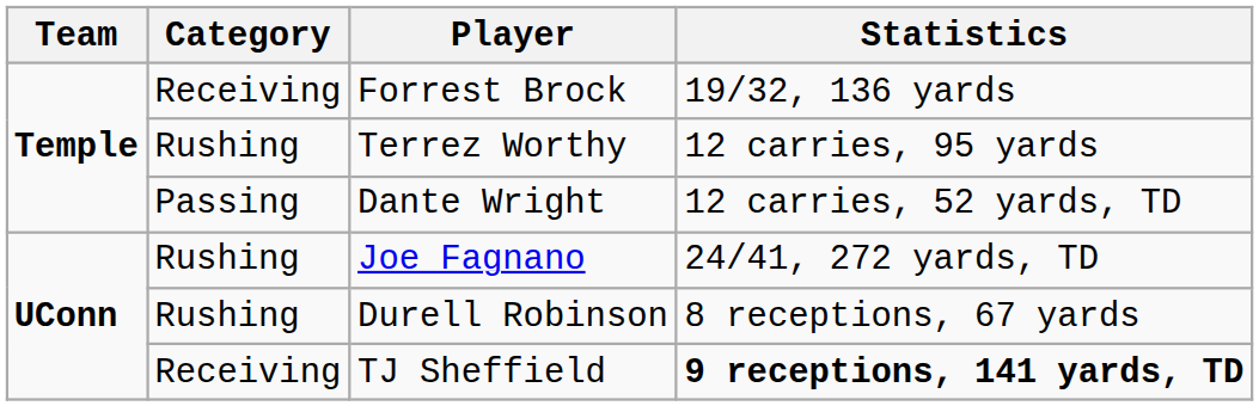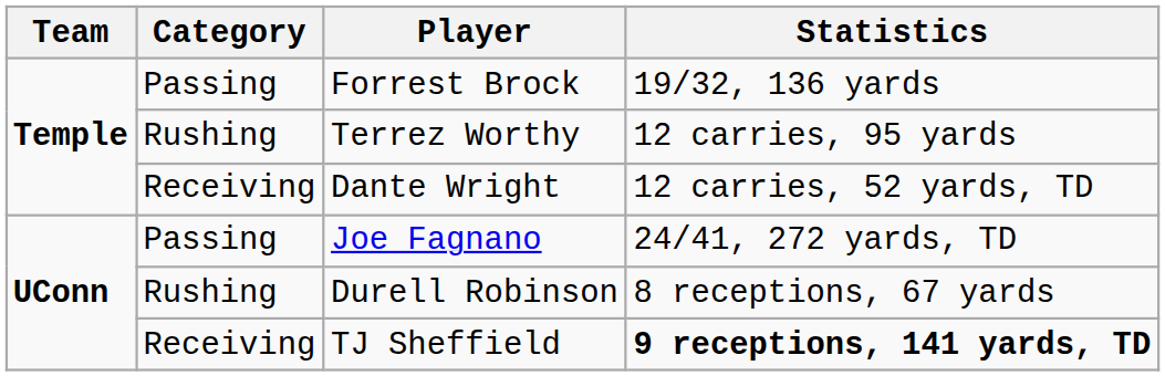 <table class="wikitable" style="float: right;">
 <tr>
 <th>Team</th>
 <th>Category</th>
 <th>Player</th>
 <th>Statistics</th>
 </tr>
 <tr>
 <td rowspan=3><strong>Temple</strong></td>
-<td>Receiving</td>
+<td>Passing</td>
 <td>Forrest Brock</td>
 <td>19/32, 136 yards</td>
 </tr>
 <tr>
 <td>Rushing</td>
 <td>Terrez Worthy</td>
 <td>12 carries, 95 yards</td>
 </tr>
 <tr>
-<td>Passing</td>
+<td>Receiving</td>
 <td>Dante Wright</td>
 <td>12 carries, 52 yards, TD</td>
 </tr>
 <tr>
 <td rowspan=3><strong>UConn</strong></td>
-<td>Rushing</td>
+<td>Passing</td>
 <td><a href='#'>Joe Fagnano</a></td>
 <td>24/41, 272 yards, TD</td>
 </tr>
 <tr>
 <td>Rushing</td>
 <td>Durell Robinson</td>
 <td>8 receptions, 67 yards</td>
 </tr>
 <tr>
 <td>Receiving</td>
 <td>TJ Sheffield</td>
 <td><strong>9 receptions, 141 yards, TD</strong></td>
 </tr>
 </table>
